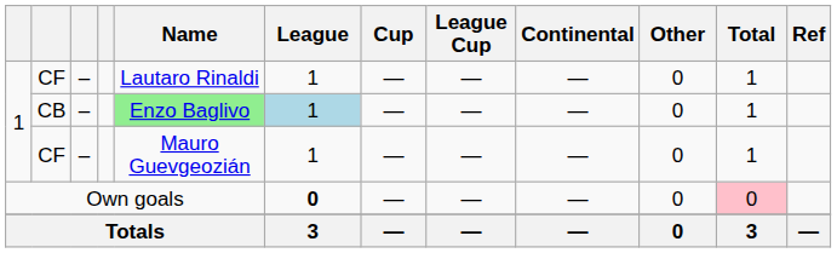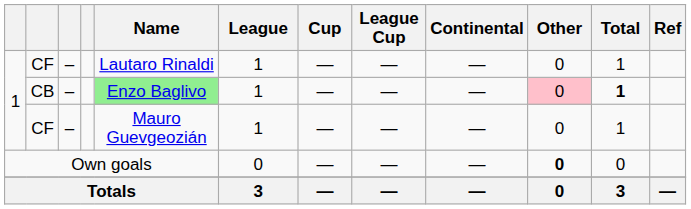 <table class="wikitable sortable" style="font-size: 95%; text-align: center;">
 <tr>
 <th style="width:25px; background:#; color:;"></th>
 <th style="width:25px; background:#; color:;"></th>
 <th style="width:25px; background:#; color:;"></th>
 <th style="width:25px; background:#; color:;"></th>
 <th style="width:150px; background:#; color:;">Name</th>
 <th style="width:100px; background:#; color:;">League</th>
 <th style="width:80px; background:#; color:;">Cup</th>
 <th style="width:80px; background:#; color:;">League Cup</th>
 <th style="width:80px; background:#; color:;">Continental</th>
 <th style="width:80px; background:#; color:;">Other</th>
 <th style="width:80px; background:#; color:;"><strong>Total</strong></th>
 <th style="width:10px; background:#; color:;"><strong>Ref</strong></th>
 </tr>
 <tr>
 <td rowspan=3>1</td>
 <td>CF</td>
 <td>–</td>
 <td></td>
 <td data-sort-value="Rinaldi, Lautaro"><a href='#'>Lautaro Rinaldi</a></td>
 <td>1</td>
 <td>—</td>
 <td>—</td>
 <td>—</td>
 <td>0</td>
 <td>1</td>
 <td></td>
 </tr>
 <tr>
 <td>CB</td>
 <td>–</td>
 <td></td>
 <td data-sort-value="Baglivo, Enzo" style="background: lightgreen;"><a href='#'>Enzo Baglivo</a></td>
-<td style="background: lightblue;">1</td>
+<td>1</td>
 <td>—</td>
 <td>—</td>
 <td>—</td>
-<td>0</td>
-<td>1</td>
+<td style="background: pink;">0</td>
+<td><strong>1</strong></td>
 <td></td>
 </tr>
 <tr>
 <td>CF</td>
 <td>–</td>
 <td></td>
 <td data-sort-value="Guevgeozián, Mauro"><a href='#'>Mauro Guevgeozián</a></td>
 <td>1</td>
 <td>—</td>
 <td>—</td>
 <td>—</td>
 <td>0</td>
 <td>1</td>
 <td></td>
 </tr>
 <tr>
 <td colspan="5">Own goals</td>
-<td><strong>0</strong></td>
+<td>0</td>
 <td>—</td>
 <td>—</td>
 <td>—</td>
+<td><strong>0</strong></td>
 <td>0</td>
-<td style="background: pink;">0</td>
 <td></td>
 </tr>
 <tr>
 </tr>
 <tr class="sortbottom">
 </tr>
 <tr class="sortbottom">
 <th colspan=5><strong>Totals</strong></th>
 <th><strong>3</strong></th>
 <th><strong>—</strong></th>
 <th><strong>—</strong></th>
 <th><strong>—</strong></th>
 <th><strong>0</strong></th>
 <th><strong>3</strong></th>
 <th><strong>—</strong></th>
 </tr>
 </table>
